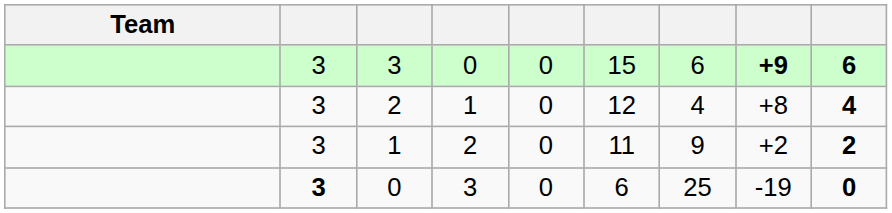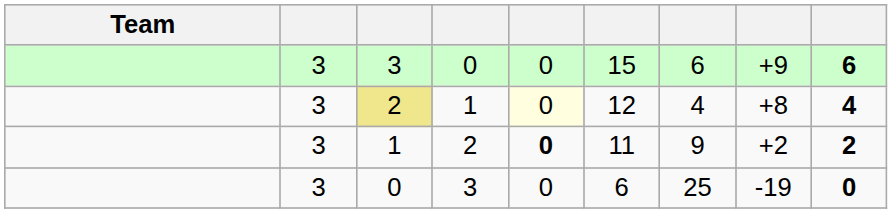 <table class="wikitable" style="text-align:center;" border=1 cellpadding=5 cellspacing=0>
 <tr>
 <th width=165>Team</th>
 <th width=40></th>
 <th width=40></th>
 <th width=40></th>
 <th width=40></th>
 <th width=40></th>
 <th width=40></th>
 <th width=40></th>
 <th width=40></th>
 </tr>
 <tr bgcolor="ccffcc">
 <td style="text-align:left;"></td>
 <td>3</td>
 <td>3</td>
 <td>0</td>
 <td>0</td>
 <td>15</td>
 <td>6</td>
-<td><strong>+9</strong></td>
+<td>+9</td>
 <td><strong>6</strong></td>
 </tr>
 <tr>
 <td style="text-align:left;"></td>
 <td>3</td>
-<td>2</td>
+<td style="background: khaki;">2</td>
 <td>1</td>
-<td>0</td>
+<td style="background: lightyellow;">0</td>
 <td>12</td>
 <td>4</td>
 <td>+8</td>
 <td><strong>4</strong></td>
 </tr>
 <tr>
 <td style="text-align:left;"></td>
 <td>3</td>
 <td>1</td>
 <td>2</td>
-<td>0</td>
+<td><strong>0</strong></td>
 <td>11</td>
 <td>9</td>
 <td>+2</td>
 <td><strong>2</strong></td>
 </tr>
 <tr>
 <td style="text-align:left;"></td>
-<td><strong>3</strong></td>
+<td>3</td>
 <td>0</td>
 <td>3</td>
 <td>0</td>
 <td>6</td>
 <td>25</td>
 <td>-19</td>
 <td><strong>0</strong></td>
 </tr>
 </table>
